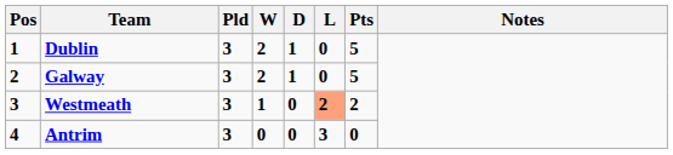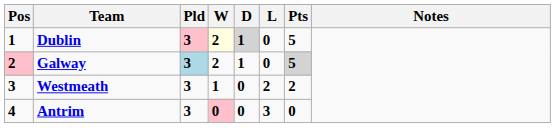 <table class="wikitable" style="text-align: centre;">
 <tr>
 <th width=20>Pos</th>
 <th width=150>Team</th>
 <th width=20>Pld</th>
 <th width=20>W</th>
 <th width=20>D</th>
 <th width=20>L</th>
 <th width=20>Pts</th>
 <th width=250>Notes</th>
 </tr>
 <tr>
 <td><strong>1</strong></td>
 <td align=left><strong> <a href='#'>Dublin</a> </strong></td>
-<td><strong>3</strong></td>
-<td><strong>2</strong></td>
-<td><strong>1</strong></td>
+<td style="background: pink;"><strong>3</strong></td>
+<td style="background: lightyellow;"><strong>2</strong></td>
+<td style="background: lightgrey;"><strong>1</strong></td>
 <td><strong>0</strong></td>
 <td><strong>5</strong></td>
 </tr>
 <tr>
-<td><strong>2</strong></td>
+<td style="background: pink;"><strong>2</strong></td>
 <td align=left><strong> <a href='#'>Galway</a> </strong></td>
-<td><strong>3</strong></td>
+<td style="background: lightblue;"><strong>3</strong></td>
 <td><strong>2</strong></td>
 <td><strong>1</strong></td>
 <td><strong>0</strong></td>
-<td><strong>5</strong></td>
+<td style="background: lightgrey;"><strong>5</strong></td>
 </tr>
 <tr>
 <td><strong>3</strong></td>
 <td align=left><strong> <a href='#'>Westmeath</a> </strong></td>
 <td><strong>3</strong></td>
 <td><strong>1</strong></td>
 <td><strong>0</strong></td>
-<td style="background: lightsalmon;"><strong>2</strong></td>
+<td><strong>2</strong></td>
 <td><strong>2</strong></td>
 </tr>
 <tr>
 <td><strong>4</strong></td>
 <td align=left><strong> <a href='#'>Antrim</a> </strong></td>
 <td><strong>3</strong></td>
-<td><strong>0</strong></td>
+<td style="background: pink;"><strong>0</strong></td>
 <td><strong>0</strong></td>
 <td><strong>3</strong></td>
 <td><strong>0</strong></td>
 </tr>
 </table>
